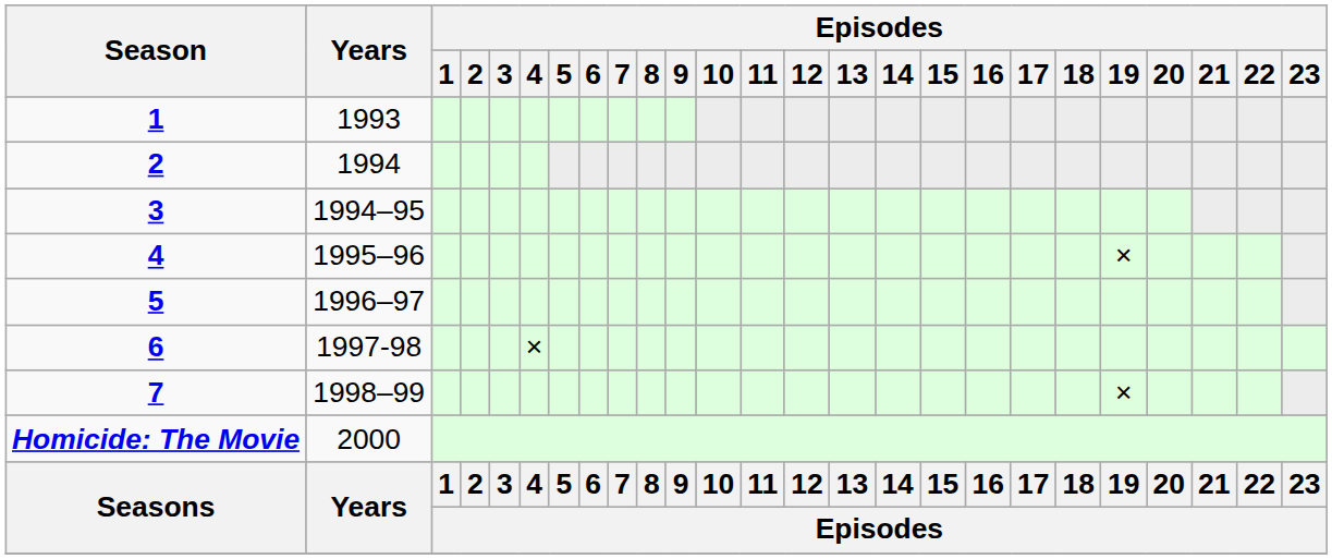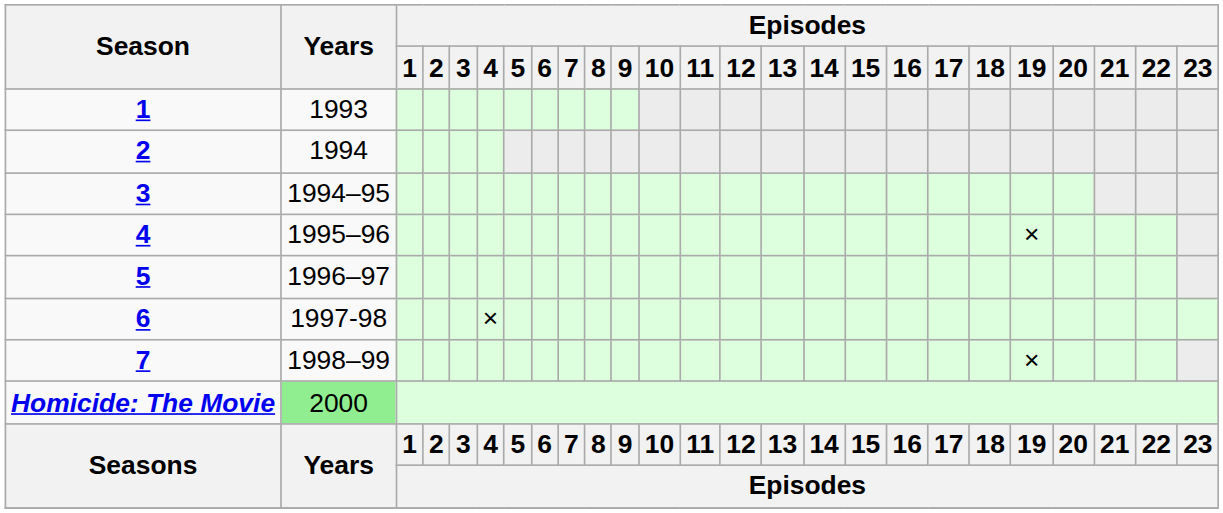 <table class="wikitable" style="text-align:center; margin:auto;">
 <tr>
 <th colspan="1" rowspan="2" style="text-align:center;">Season</th>
 <th colspan="1" rowspan="2" style="text-align:center;">Years</th>
 <th colspan="23"  style="text-align:center;">Episodes</th>
 </tr>
 <tr>
 <th colspan="1" style="text-align:center;">1</th>
 <th colspan="1" style="text-align:center;">2</th>
 <th colspan="1" style="text-align:center;">3</th>
 <th colspan="1" style="text-align:center;">4</th>
 <th colspan="1" style="text-align:center;">5</th>
 <th colspan="1" style="text-align:center;">6</th>
 <th colspan="1" style="text-align:center;">7</th>
 <th colspan="1" style="text-align:center;">8</th>
 <th colspan="1" style="text-align:center;">9</th>
 <th colspan="1" style="text-align:center;">10</th>
 <th colspan="1" style="text-align:center;">11</th>
 <th colspan="1" style="text-align:center;">12</th>
 <th colspan="1" style="text-align:center;">13</th>
 <th colspan="1" style="text-align:center;">14</th>
 <th colspan="1" style="text-align:center;">15</th>
 <th colspan="1" style="text-align:center;">16</th>
 <th colspan="1" style="text-align:center;">17</th>
 <th colspan="1" style="text-align:center;">18</th>
 <th colspan="1" style="text-align:center;">19</th>
 <th colspan="1" style="text-align:center;">20</th>
 <th colspan="1" style="text-align:center;">21</th>
 <th colspan="1" style="text-align:center;">22</th>
 <th colspan="1" style="text-align:center;">23</th>
 </tr>
 <tr>
 <td><strong><a href='#'>1</a></strong></td>
 <td>1993</td>
 <td colspan="1" style="background:#dfd; text-align:center;"></td>
 <td colspan="1" style="background:#dfd; text-align:center;"></td>
 <td colspan="1" style="background:#dfd; text-align:center;"></td>
 <td colspan="1" style="background:#dfd; text-align:center;"></td>
 <td colspan="1" style="background:#dfd; text-align:center;"></td>
 <td colspan="1" style="background:#dfd; text-align:center;"></td>
 <td colspan="1" style="background:#dfd; text-align:center;"></td>
 <td colspan="1" style="background:#dfd; text-align:center;"></td>
 <td colspan="1" style="background:#dfd; text-align:center;"></td>
 <td colspan="1" style="background:#ececec; color:gray; vertical-align:middle; text-align:center;" class="table-na"></td>
 <td colspan="1" style="background:#ececec; color:gray; vertical-align:middle; text-align:center;" class="table-na"></td>
 <td colspan="1" style="background:#ececec; color:gray; vertical-align:middle; text-align:center;" class="table-na"></td>
 <td colspan="1" style="background:#ececec; color:gray; vertical-align:middle; text-align:center;" class="table-na"></td>
 <td colspan="1" style="background:#ececec; color:gray; vertical-align:middle; text-align:center;" class="table-na"></td>
 <td colspan="1" style="background:#ececec; color:gray; vertical-align:middle; text-align:center;" class="table-na"></td>
 <td colspan="1" style="background:#ececec; color:gray; vertical-align:middle; text-align:center;" class="table-na"></td>
 <td colspan="1" style="background:#ececec; color:gray; vertical-align:middle; text-align:center;" class="table-na"></td>
 <td colspan="1" style="background:#ececec; color:gray; vertical-align:middle; text-align:center;" class="table-na"></td>
 <td colspan="1" style="background:#ececec; color:gray; vertical-align:middle; text-align:center;" class="table-na"></td>
 <td colspan="1" style="background:#ececec; color:gray; vertical-align:middle; text-align:center;" class="table-na"></td>
 <td colspan="1" style="background:#ececec; color:gray; vertical-align:middle; text-align:center;" class="table-na"></td>
 <td colspan="1" style="background:#ececec; color:gray; vertical-align:middle; text-align:center;" class="table-na"></td>
 <td colspan="1" style="background:#ececec; color:gray; vertical-align:middle; text-align:center;" class="table-na"></td>
 </tr>
 <tr>
 <td><strong><a href='#'>2</a></strong></td>
 <td>1994</td>
 <td colspan="1" style="background:#dfd; text-align:center;"></td>
 <td colspan="1" style="background:#dfd; text-align:center;"></td>
 <td colspan="1" style="background:#dfd; text-align:center;"></td>
 <td colspan="1" style="background:#dfd; text-align:center;"></td>
 <td colspan="1" style="background:#ececec; color:gray; vertical-align:middle; text-align:center;" class="table-na"></td>
 <td colspan="1" style="background:#ececec; color:gray; vertical-align:middle; text-align:center;" class="table-na"></td>
 <td colspan="1" style="background:#ececec; color:gray; vertical-align:middle; text-align:center;" class="table-na"></td>
 <td colspan="1" style="background:#ececec; color:gray; vertical-align:middle; text-align:center;" class="table-na"></td>
 <td colspan="1" style="background:#ececec; color:gray; vertical-align:middle; text-align:center;" class="table-na"></td>
 <td colspan="1" style="background:#ececec; color:gray; vertical-align:middle; text-align:center;" class="table-na"></td>
 <td colspan="1" style="background:#ececec; color:gray; vertical-align:middle; text-align:center;" class="table-na"></td>
 <td colspan="1" style="background:#ececec; color:gray; vertical-align:middle; text-align:center;" class="table-na"></td>
 <td colspan="1" style="background:#ececec; color:gray; vertical-align:middle; text-align:center;" class="table-na"></td>
 <td colspan="1" style="background:#ececec; color:gray; vertical-align:middle; text-align:center;" class="table-na"></td>
 <td colspan="1" style="background:#ececec; color:gray; vertical-align:middle; text-align:center;" class="table-na"></td>
 <td colspan="1" style="background:#ececec; color:gray; vertical-align:middle; text-align:center;" class="table-na"></td>
 <td colspan="1" style="background:#ececec; color:gray; vertical-align:middle; text-align:center;" class="table-na"></td>
 <td colspan="1" style="background:#ececec; color:gray; vertical-align:middle; text-align:center;" class="table-na"></td>
 <td colspan="1" style="background:#ececec; color:gray; vertical-align:middle; text-align:center;" class="table-na"></td>
 <td colspan="1" style="background:#ececec; color:gray; vertical-align:middle; text-align:center;" class="table-na"></td>
 <td colspan="1" style="background:#ececec; color:gray; vertical-align:middle; text-align:center;" class="table-na"></td>
 <td colspan="1" style="background:#ececec; color:gray; vertical-align:middle; text-align:center;" class="table-na"></td>
 <td colspan="1" style="background:#ececec; color:gray; vertical-align:middle; text-align:center;" class="table-na"></td>
 </tr>
 <tr>
 <td><strong><a href='#'>3</a></strong></td>
 <td>1994–95</td>
 <td colspan="1" style="background:#dfd; text-align:center;"></td>
 <td colspan="1" style="background:#dfd; text-align:center;"></td>
 <td colspan="1" style="background:#dfd; text-align:center;"></td>
 <td colspan="1" style="background:#dfd; text-align:center;"></td>
 <td colspan="1" style="background:#dfd; text-align:center;"></td>
 <td colspan="1" style="background:#dfd; text-align:center;"></td>
 <td colspan="1" style="background:#dfd; text-align:center;"></td>
 <td colspan="1" style="background:#dfd; text-align:center;"></td>
 <td colspan="1" style="background:#dfd; text-align:center;"></td>
 <td colspan="1" style="background:#dfd; text-align:center;"></td>
 <td colspan="1" style="background:#dfd; text-align:center;"></td>
 <td colspan="1" style="background:#dfd; text-align:center;"></td>
 <td colspan="1" style="background:#dfd; text-align:center;"></td>
 <td colspan="1" style="background:#dfd; text-align:center;"></td>
 <td colspan="1" style="background:#dfd; text-align:center;"></td>
 <td colspan="1" style="background:#dfd; text-align:center;"></td>
 <td colspan="1" style="background:#dfd; text-align:center;"></td>
 <td colspan="1" style="background:#dfd; text-align:center;"></td>
 <td colspan="1" style="background:#dfd; text-align:center;"></td>
 <td colspan="1" style="background:#dfd; text-align:center;"></td>
 <td colspan="1" style="background:#ececec; color:gray; vertical-align:middle; text-align:center;" class="table-na"></td>
 <td colspan="1" style="background:#ececec; color:gray; vertical-align:middle; text-align:center;" class="table-na"></td>
 <td colspan="1" style="background:#ececec; color:gray; vertical-align:middle; text-align:center;" class="table-na"></td>
 </tr>
 <tr>
 <td><strong><a href='#'>4</a></strong></td>
 <td>1995–96</td>
 <td colspan="1" style="background:#dfd; text-align:center;"></td>
 <td colspan="1" style="background:#dfd; text-align:center;"></td>
 <td colspan="1" style="background:#dfd; text-align:center;"></td>
 <td colspan="1" style="background:#dfd; text-align:center;"></td>
 <td colspan="1" style="background:#dfd; text-align:center;"></td>
 <td colspan="1" style="background:#dfd; text-align:center;"></td>
 <td colspan="1" style="background:#dfd; text-align:center;"></td>
 <td colspan="1" style="background:#dfd; text-align:center;"></td>
 <td colspan="1" style="background:#dfd; text-align:center;"></td>
 <td colspan="1" style="background:#dfd; text-align:center;"></td>
 <td colspan="1" style="background:#dfd; text-align:center;"></td>
 <td colspan="1" style="background:#dfd; text-align:center;"></td>
 <td colspan="1" style="background:#dfd; text-align:center;"></td>
 <td colspan="1" style="background:#dfd; text-align:center;"></td>
 <td colspan="1" style="background:#dfd; text-align:center;"></td>
 <td colspan="1" style="background:#dfd; text-align:center;"></td>
 <td colspan="1" style="background:#dfd; text-align:center;"></td>
 <td colspan="1" style="background:#dfd; text-align:center;"></td>
 <td colspan="1" style="background:#dfd; text-align:center;">×</td>
 <td colspan="1" style="background:#dfd; text-align:center;"></td>
 <td colspan="1" style="background:#dfd; text-align:center;"></td>
 <td colspan="1" style="background:#dfd; text-align:center;"></td>
 <td colspan="1" style="background:#ececec; color:gray; vertical-align:middle; text-align:center;" class="table-na"></td>
 </tr>
 <tr>
 <td><strong><a href='#'>5</a></strong></td>
 <td>1996–97</td>
 <td colspan="1" style="background:#dfd; text-align:center;"></td>
 <td colspan="1" style="background:#dfd; text-align:center;"></td>
 <td colspan="1" style="background:#dfd; text-align:center;"></td>
 <td colspan="1" style="background:#dfd; text-align:center;"></td>
 <td colspan="1" style="background:#dfd; text-align:center;"></td>
 <td colspan="1" style="background:#dfd; text-align:center;"></td>
 <td colspan="1" style="background:#dfd; text-align:center;"></td>
 <td colspan="1" style="background:#dfd; text-align:center;"></td>
 <td colspan="1" style="background:#dfd; text-align:center;"></td>
 <td colspan="1" style="background:#dfd; text-align:center;"></td>
 <td colspan="1" style="background:#dfd; text-align:center;"></td>
 <td colspan="1" style="background:#dfd; text-align:center;"></td>
 <td colspan="1" style="background:#dfd; text-align:center;"></td>
 <td colspan="1" style="background:#dfd; text-align:center;"></td>
 <td colspan="1" style="background:#dfd; text-align:center;"></td>
 <td colspan="1" style="background:#dfd; text-align:center;"></td>
 <td colspan="1" style="background:#dfd; text-align:center;"></td>
 <td colspan="1" style="background:#dfd; text-align:center;"></td>
 <td colspan="1" style="background:#dfd; text-align:center;"></td>
 <td colspan="1" style="background:#dfd; text-align:center;"></td>
 <td colspan="1" style="background:#dfd; text-align:center;"></td>
 <td colspan="1" style="background:#dfd; text-align:center;"></td>
 <td colspan="1" style="background:#ececec; color:gray; vertical-align:middle; text-align:center;" class="table-na"></td>
 </tr>
 <tr>
 <td><strong><a href='#'>6</a></strong></td>
 <td>1997-98</td>
 <td colspan="1" style="background:#dfd; text-align:center;"></td>
 <td colspan="1" style="background:#dfd; text-align:center;"></td>
 <td colspan="1" style="background:#dfd; text-align:center;"></td>
 <td colspan="1" style="background:#dfd; text-align:center;">×</td>
 <td colspan="1" style="background:#dfd; text-align:center;"></td>
 <td colspan="1" style="background:#dfd; text-align:center;"></td>
 <td colspan="1" style="background:#dfd; text-align:center;"></td>
 <td colspan="1" style="background:#dfd; text-align:center;"></td>
 <td colspan="1" style="background:#dfd; text-align:center;"></td>
 <td colspan="1" style="background:#dfd; text-align:center;"></td>
 <td colspan="1" style="background:#dfd; text-align:center;"></td>
 <td colspan="1" style="background:#dfd; text-align:center;"></td>
 <td colspan="1" style="background:#dfd; text-align:center;"></td>
 <td colspan="1" style="background:#dfd; text-align:center;"></td>
 <td colspan="1" style="background:#dfd; text-align:center;"></td>
 <td colspan="1" style="background:#dfd; text-align:center;"></td>
 <td colspan="1" style="background:#dfd; text-align:center;"></td>
 <td colspan="1" style="background:#dfd; text-align:center;"></td>
 <td colspan="1" style="background:#dfd; text-align:center;"></td>
 <td colspan="1" style="background:#dfd; text-align:center;"></td>
 <td colspan="1" style="background:#dfd; text-align:center;"></td>
 <td colspan="1" style="background:#dfd; text-align:center;"></td>
 <td colspan="1" style="background:#dfd; text-align:center;"></td>
 </tr>
 <tr>
 <td><strong><a href='#'>7</a></strong></td>
 <td>1998–99</td>
 <td colspan="1" style="background:#dfd; text-align:center;"></td>
 <td colspan="1" style="background:#dfd; text-align:center;"></td>
 <td colspan="1" style="background:#dfd; text-align:center;"></td>
 <td colspan="1" style="background:#dfd; text-align:center;"></td>
 <td colspan="1" style="background:#dfd; text-align:center;"></td>
 <td colspan="1" style="background:#dfd; text-align:center;"></td>
 <td colspan="1" style="background:#dfd; text-align:center;"></td>
 <td colspan="1" style="background:#dfd; text-align:center;"></td>
 <td colspan="1" style="background:#dfd; text-align:center;"></td>
 <td colspan="1" style="background:#dfd; text-align:center;"></td>
 <td colspan="1" style="background:#dfd; text-align:center;"></td>
 <td colspan="1" style="background:#dfd; text-align:center;"></td>
 <td colspan="1" style="background:#dfd; text-align:center;"></td>
 <td colspan="1" style="background:#dfd; text-align:center;"></td>
 <td colspan="1" style="background:#dfd; text-align:center;"></td>
 <td colspan="1" style="background:#dfd; text-align:center;"></td>
 <td colspan="1" style="background:#dfd; text-align:center;"></td>
 <td colspan="1" style="background:#dfd; text-align:center;"></td>
 <td colspan="1" style="background:#dfd; text-align:center;">×</td>
 <td colspan="1" style="background:#dfd; text-align:center;"></td>
 <td colspan="1" style="background:#dfd; text-align:center;"></td>
 <td colspan="1" style="background:#dfd; text-align:center;"></td>
 <td colspan="1" style="background:#ececec; color:gray; vertical-align:middle; text-align:center;" class="table-na"></td>
 </tr>
 <tr>
 <td><strong><em><a href='#'>Homicide: The Movie</a></em></strong></td>
-<td>2000</td>
+<td style="background: lightgreen;">2000</td>
 <td colspan="23" style="background:#dfd; text-align:center;"></td>
 </tr>
 <tr>
 <th rowspan="2" colspan="1" style="text-align:center;">Seasons</th>
 <th colspan="1" rowspan="2" style="text-align:center;">Years</th>
 <th colspan="1" style="text-align:center;">1</th>
 <th colspan="1" style="text-align:center;">2</th>
 <th colspan="1" style="text-align:center;">3</th>
 <th colspan="1" style="text-align:center;">4</th>
 <th colspan="1" style="text-align:center;">5</th>
 <th colspan="1" style="text-align:center;">6</th>
 <th colspan="1" style="text-align:center;">7</th>
 <th colspan="1" style="text-align:center;">8</th>
 <th colspan="1" style="text-align:center;">9</th>
 <th colspan="1" style="text-align:center;">10</th>
 <th colspan="1" style="text-align:center;">11</th>
 <th colspan="1" style="text-align:center;">12</th>
 <th colspan="1" style="text-align:center;">13</th>
 <th colspan="1" style="text-align:center;">14</th>
 <th colspan="1" style="text-align:center;">15</th>
 <th colspan="1" style="text-align:center;">16</th>
 <th colspan="1" style="text-align:center;">17</th>
 <th colspan="1" style="text-align:center;">18</th>
 <th colspan="1" style="text-align:center;">19</th>
 <th colspan="1" style="text-align:center;">20</th>
 <th colspan="1" style="text-align:center;">21</th>
 <th colspan="1" style="text-align:center;">22</th>
 <th colspan="1" style="text-align:center;">23</th>
 </tr>
 <tr>
 <th colspan="23"  style="text-align:center;">Episodes</th>
 </tr>
 <tr>
 </tr>
 </table>
